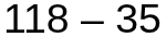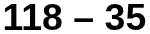 <table style="text-align:center">
 <tr>
 <th width=200></th>
 <th width=100></th>
 <th width=200></th>
 </tr>
 <tr>
 <td align=right></td>
-<td>118 – 35</td>
+<td><strong>118 – 35</strong></td>
 <td align=left></td>
 </tr>
 </table>
